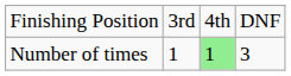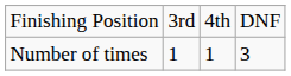 <table class="wikitable">
 <tr style=>
 <td>Finishing Position</td>
 <td>3rd</td>
 <td>4th</td>
 <td>DNF</td>
 </tr>
 <tr>
 <td>Number of times</td>
 <td>1</td>
-<td style="background: lightgreen;">1</td>
+<td>1</td>
 <td>3</td>
 </tr>
 </table>
